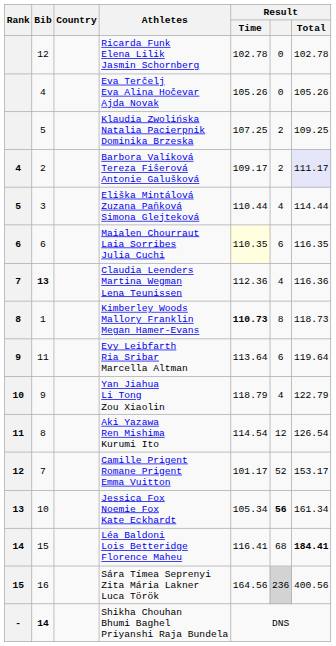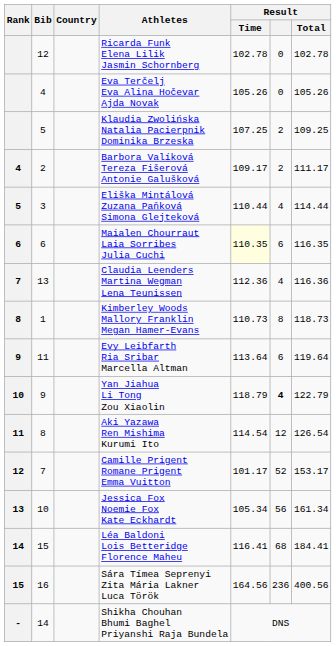 <table class="wikitable" style="text-align:center">
 <tr>
 <th rowspan=2>Rank</th>
 <th rowspan=2>Bib</th>
 <th rowspan=2>Country</th>
 <th rowspan=2>Athletes</th>
 <th colspan=3>Result</th>
 </tr>
 <tr>
 <th>Time</th>
 <th></th>
 <th>Total</th>
 </tr>
 <tr>
 <th></th>
 <td>12</td>
 <td align=left></td>
 <td align=left><a href='#'>Ricarda Funk</a><br><a href='#'>Elena Lilik</a><br><a href='#'>Jasmin Schornberg</a></td>
 <td>102.78</td>
 <td>0</td>
 <td>102.78</td>
 </tr>
 <tr>
 <th></th>
 <td>4</td>
 <td align=left></td>
 <td align=left><a href='#'>Eva Terčelj</a><br><a href='#'>Eva Alina Hočevar</a><br><a href='#'>Ajda Novak</a></td>
 <td>105.26</td>
 <td>0</td>
 <td>105.26</td>
 </tr>
 <tr>
 <th></th>
 <td>5</td>
 <td align=left></td>
 <td align=left><a href='#'>Klaudia Zwolińska</a><br><a href='#'>Natalia Pacierpnik</a><br><a href='#'>Dominika Brzeska</a></td>
 <td>107.25</td>
 <td>2</td>
 <td>109.25</td>
 </tr>
 <tr>
 <th>4</th>
 <td>2</td>
 <td align=left></td>
 <td align=left><a href='#'>Barbora Valíková</a><br><a href='#'>Tereza Fišerová</a><br><a href='#'>Antonie Galušková</a></td>
 <td>109.17</td>
 <td>2</td>
-<td style="background: lavender;">111.17</td>
+<td>111.17</td>
 </tr>
 <tr>
 <th>5</th>
 <td>3</td>
 <td align=left></td>
 <td align=left><a href='#'>Eliška Mintálová</a><br><a href='#'>Zuzana Paňková</a><br><a href='#'>Simona Glejteková</a></td>
 <td>110.44</td>
 <td>4</td>
 <td>114.44</td>
 </tr>
 <tr>
 <th>6</th>
 <td>6</td>
 <td align=left></td>
 <td align=left><a href='#'>Maialen Chourraut</a><br><a href='#'>Laia Sorribes</a><br><a href='#'>Julia Cuchi</a></td>
 <td style="background: lightyellow;">110.35</td>
 <td>6</td>
 <td>116.35</td>
 </tr>
 <tr>
 <th>7</th>
-<td><strong>13</strong></td>
+<td>13</td>
 <td align=left></td>
 <td align=left><a href='#'>Claudia Leenders</a><br><a href='#'>Martina Wegman</a><br><a href='#'>Lena Teunissen</a></td>
 <td>112.36</td>
 <td>4</td>
 <td>116.36</td>
 </tr>
 <tr>
 <th>8</th>
 <td>1</td>
 <td align=left></td>
 <td align=left><a href='#'>Kimberley Woods</a><br><a href='#'>Mallory Franklin</a><br><a href='#'>Megan Hamer-Evans</a></td>
-<td><strong>110.73</strong></td>
+<td>110.73</td>
 <td>8</td>
 <td>118.73</td>
 </tr>
 <tr>
 <th>9</th>
 <td>11</td>
 <td align=left></td>
 <td align=left><a href='#'>Evy Leibfarth</a><br><a href='#'>Ria Sribar</a><br>Marcella Altman</td>
 <td>113.64</td>
 <td>6</td>
 <td>119.64</td>
 </tr>
 <tr>
 <th>10</th>
 <td>9</td>
 <td align=left></td>
 <td align=left><a href='#'>Yan Jiahua</a><br><a href='#'>Li Tong</a><br>Zou Xiaolin</td>
 <td>118.79</td>
-<td>4</td>
+<td><strong>4</strong></td>
 <td>122.79</td>
 </tr>
 <tr>
 <th>11</th>
 <td>8</td>
 <td align=left></td>
 <td align=left><a href='#'>Aki Yazawa</a><br><a href='#'>Ren Mishima</a><br>Kurumi Ito</td>
 <td>114.54</td>
 <td>12</td>
 <td>126.54</td>
 </tr>
 <tr>
 <th>12</th>
 <td>7</td>
 <td align=left></td>
 <td align=left><a href='#'>Camille Prigent</a><br><a href='#'>Romane Prigent</a><br><a href='#'>Emma Vuitton</a></td>
 <td>101.17</td>
 <td>52</td>
 <td>153.17</td>
 </tr>
 <tr>
 <th>13</th>
 <td>10</td>
 <td align=left></td>
 <td align=left><a href='#'>Jessica Fox</a><br><a href='#'>Noemie Fox</a><br><a href='#'>Kate Eckhardt</a></td>
 <td>105.34</td>
-<td><strong>56</strong></td>
+<td>56</td>
 <td>161.34</td>
 </tr>
 <tr>
 <th>14</th>
 <td>15</td>
 <td align=left></td>
 <td align=left><a href='#'>Léa Baldoni</a><br><a href='#'>Lois Betteridge</a><br><a href='#'>Florence Maheu</a></td>
 <td>116.41</td>
 <td>68</td>
-<td><strong>184.41</strong></td>
+<td>184.41</td>
 </tr>
 <tr>
 <th>15</th>
 <td>16</td>
 <td align=left></td>
 <td align=left>Sára Tímea Seprenyi<br>Zita Mária Lakner<br>Luca Török</td>
 <td>164.56</td>
-<td style="background: lightgrey;">236</td>
+<td>236</td>
 <td>400.56</td>
 </tr>
 <tr>
 <th>-</th>
-<td><strong>14</strong></td>
+<td>14</td>
 <td align=left></td>
 <td align=left>Shikha Chouhan<br>Bhumi Baghel<br>Priyanshi Raja Bundela</td>
 <td colspan=3>DNS</td>
 </tr>
 </table>
